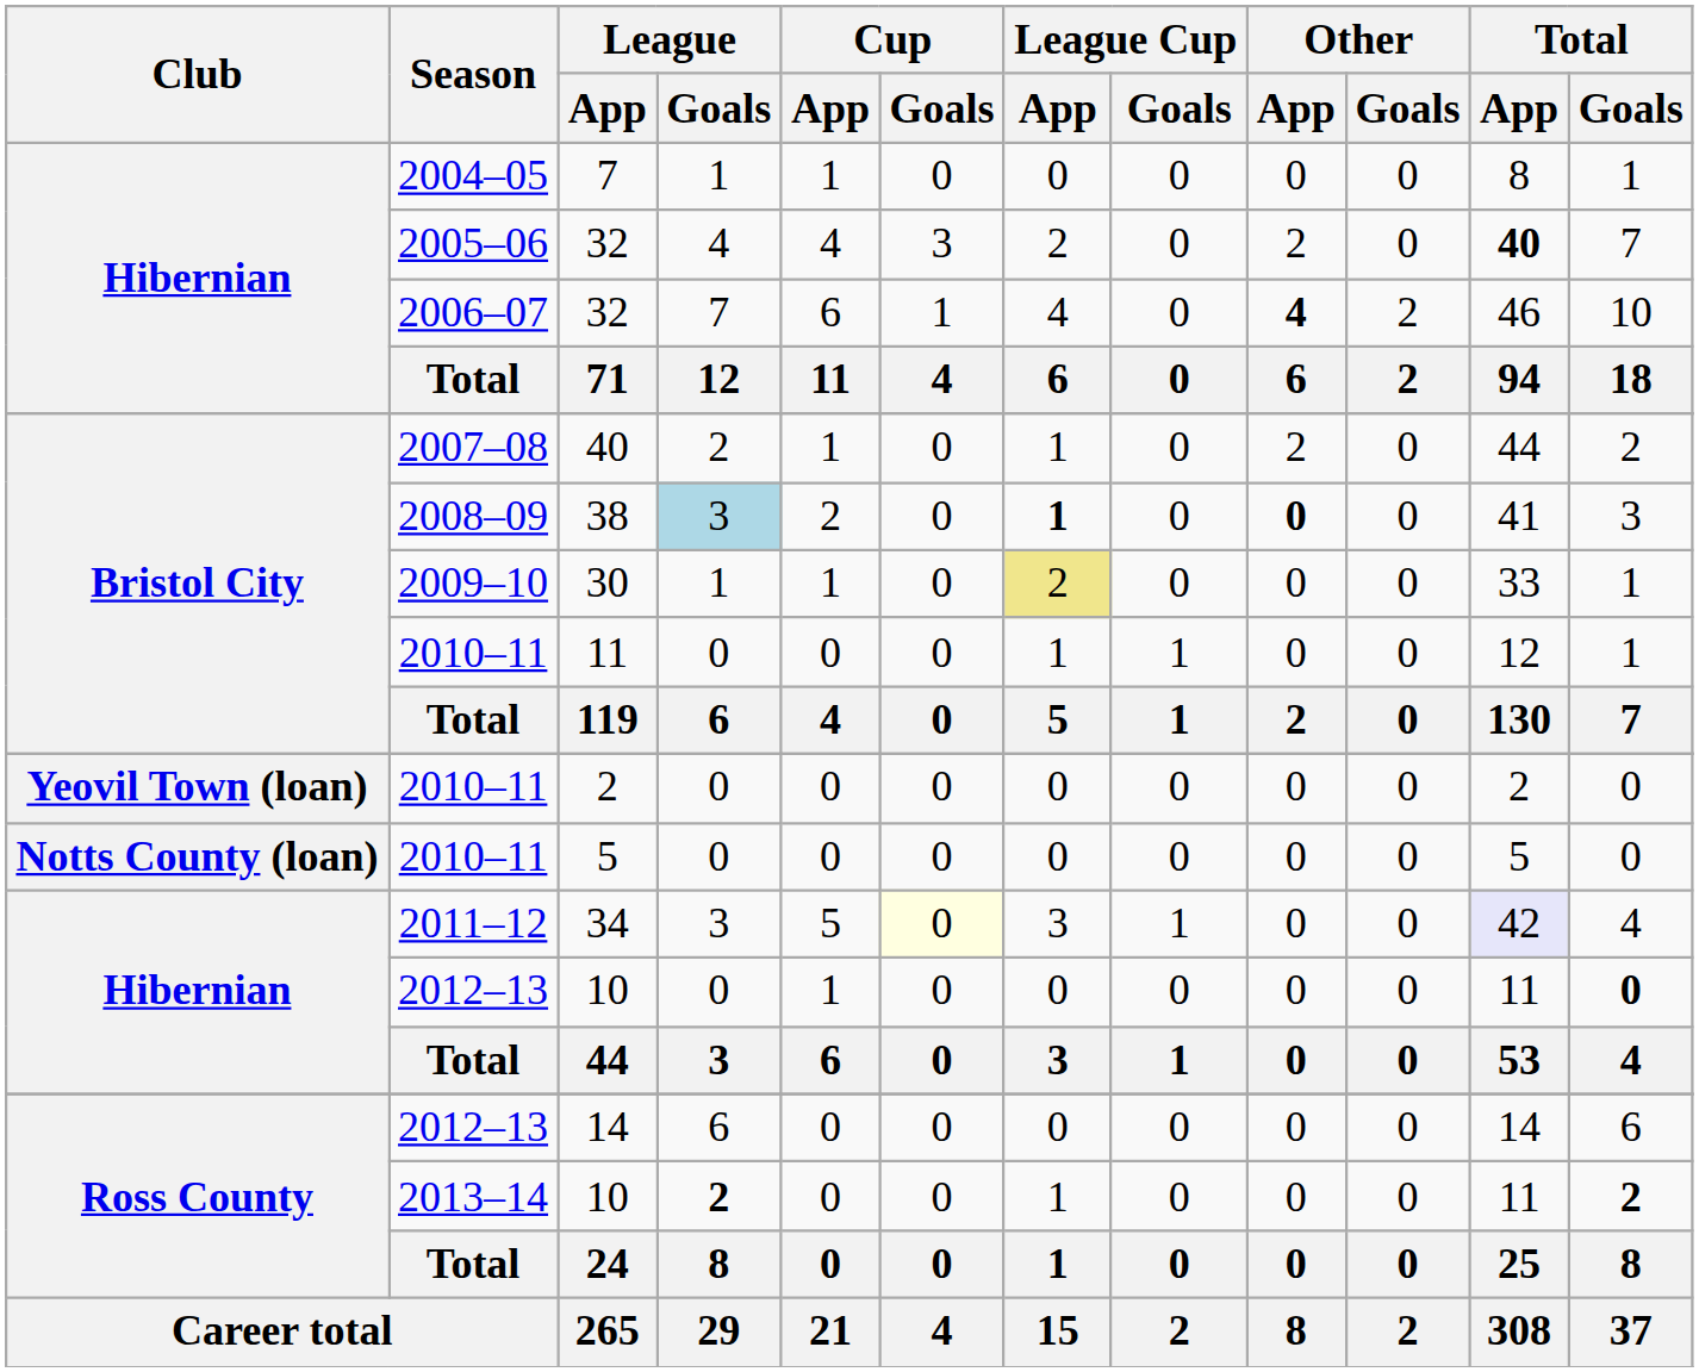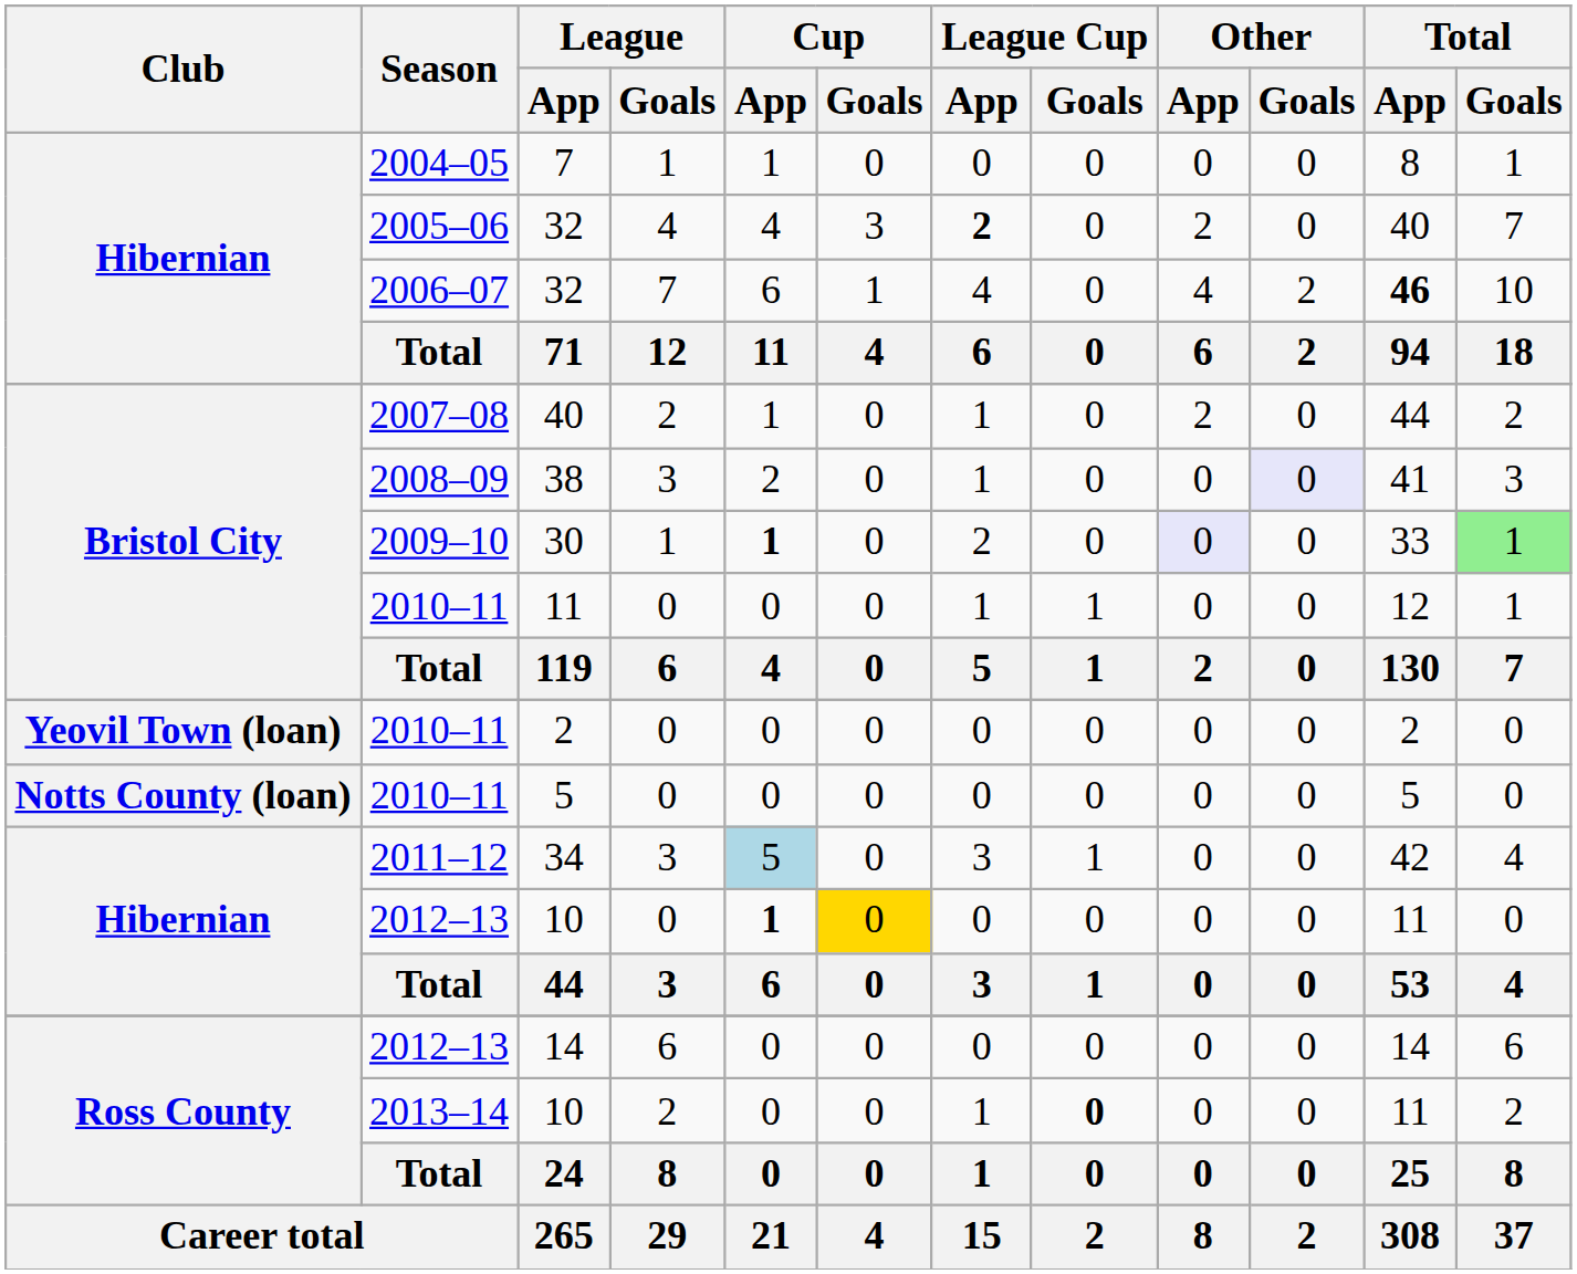 <table class="wikitable" style="font-size:100%; text-align:center">
 <tr>
 <th rowspan="2">Club</th>
 <th rowspan="2">Season</th>
 <th colspan="2">League</th>
 <th colspan="2">Cup</th>
 <th colspan="2">League Cup</th>
 <th colspan="2">Other</th>
 <th colspan="2">Total</th>
 </tr>
 <tr>
 <th>App</th>
 <th>Goals</th>
 <th>App</th>
 <th>Goals</th>
 <th>App</th>
 <th>Goals</th>
 <th>App</th>
 <th>Goals</th>
 <th>App</th>
 <th>Goals</th>
 </tr>
 <tr>
 <th rowspan="4" valign=centre><a href='#'>Hibernian</a></th>
 <td><a href='#'>2004–05</a></td>
 <td>7</td>
 <td>1</td>
 <td>1</td>
 <td>0</td>
 <td>0</td>
 <td>0</td>
 <td>0</td>
 <td>0</td>
 <td>8</td>
 <td>1</td>
 </tr>
 <tr>
 <td><a href='#'>2005–06</a></td>
 <td>32</td>
 <td>4</td>
 <td>4</td>
 <td>3</td>
-<td>2</td>
+<td><strong>2</strong></td>
 <td>0</td>
 <td>2</td>
 <td>0</td>
-<td><strong>40</strong></td>
+<td>40</td>
 <td>7</td>
 </tr>
 <tr>
 <td><a href='#'>2006–07</a></td>
 <td>32</td>
 <td>7</td>
 <td>6</td>
 <td>1</td>
 <td>4</td>
 <td>0</td>
-<td><strong>4</strong></td>
+<td>4</td>
 <td>2</td>
-<td>46</td>
+<td><strong>46</strong></td>
 <td>10</td>
 </tr>
 <tr>
 <th>Total</th>
 <th>71</th>
 <th>12</th>
 <th>11</th>
 <th>4</th>
 <th>6</th>
 <th>0</th>
 <th>6</th>
 <th>2</th>
 <th>94</th>
 <th>18</th>
 </tr>
 <tr>
 </tr>
 <tr>
 <th rowspan="5" valign=centre><a href='#'>Bristol City</a></th>
 <td><a href='#'>2007–08</a></td>
 <td>40</td>
 <td>2</td>
 <td>1</td>
 <td>0</td>
 <td>1</td>
 <td>0</td>
 <td>2</td>
 <td>0</td>
 <td>44</td>
 <td>2</td>
 </tr>
 <tr>
 <td><a href='#'>2008–09</a></td>
 <td>38</td>
-<td style="background: lightblue;">3</td>
+<td>3</td>
 <td>2</td>
 <td>0</td>
-<td><strong>1</strong></td>
+<td>1</td>
 <td>0</td>
-<td><strong>0</strong></td>
 <td>0</td>
+<td style="background: lavender;">0</td>
 <td>41</td>
 <td>3</td>
 </tr>
 <tr>
 <td><a href='#'>2009–10</a></td>
 <td>30</td>
 <td>1</td>
-<td>1</td>
+<td><strong>1</strong></td>
 <td>0</td>
-<td style="background: khaki;">2</td>
+<td>2</td>
 <td>0</td>
-<td>0</td>
+<td style="background: lavender;">0</td>
 <td>0</td>
 <td>33</td>
-<td>1</td>
+<td style="background: lightgreen;">1</td>
 </tr>
 <tr>
 <td><a href='#'>2010–11</a></td>
 <td>11</td>
 <td>0</td>
 <td>0</td>
 <td>0</td>
 <td>1</td>
 <td>1</td>
 <td>0</td>
 <td>0</td>
 <td>12</td>
 <td>1</td>
 </tr>
 <tr>
 <th>Total</th>
 <th>119</th>
 <th>6</th>
 <th>4</th>
 <th>0</th>
 <th>5</th>
 <th>1</th>
 <th>2</th>
 <th>0</th>
 <th>130</th>
 <th>7</th>
 </tr>
 <tr>
 </tr>
 <tr>
 <th valign=centre><a href='#'>Yeovil Town</a> (loan)</th>
 <td><a href='#'>2010–11</a></td>
 <td>2</td>
 <td>0</td>
 <td>0</td>
 <td>0</td>
 <td>0</td>
 <td>0</td>
 <td>0</td>
 <td>0</td>
 <td>2</td>
 <td>0</td>
 </tr>
 <tr>
 <th valign=centre><a href='#'>Notts County</a> (loan)</th>
 <td><a href='#'>2010–11</a></td>
 <td>5</td>
 <td>0</td>
 <td>0</td>
 <td>0</td>
 <td>0</td>
 <td>0</td>
 <td>0</td>
 <td>0</td>
 <td>5</td>
 <td>0</td>
 </tr>
 <tr>
 <th rowspan="3" valign=centre><a href='#'>Hibernian</a></th>
 <td><a href='#'>2011–12</a></td>
 <td>34</td>
 <td>3</td>
-<td>5</td>
-<td style="background: lightyellow;">0</td>
+<td style="background: lightblue;">5</td>
+<td>0</td>
 <td>3</td>
 <td>1</td>
 <td>0</td>
 <td>0</td>
-<td style="background: lavender;">42</td>
+<td>42</td>
 <td>4</td>
 </tr>
 <tr>
 <td><a href='#'>2012–13</a></td>
 <td>10</td>
 <td>0</td>
-<td>1</td>
-<td>0</td>
+<td><strong>1</strong></td>
+<td style="background: gold;">0</td>
 <td>0</td>
 <td>0</td>
 <td>0</td>
 <td>0</td>
 <td>11</td>
-<td><strong>0</strong></td>
+<td>0</td>
 </tr>
 <tr>
 <th>Total</th>
 <th>44</th>
 <th>3</th>
 <th>6</th>
 <th>0</th>
 <th>3</th>
 <th>1</th>
 <th>0</th>
 <th>0</th>
 <th>53</th>
 <th>4</th>
 </tr>
 <tr>
 </tr>
 <tr>
 <th rowspan="3" valign=centre><a href='#'>Ross County</a></th>
 <td><a href='#'>2012–13</a></td>
 <td>14</td>
 <td>6</td>
 <td>0</td>
 <td>0</td>
 <td>0</td>
 <td>0</td>
 <td>0</td>
 <td>0</td>
 <td>14</td>
 <td>6</td>
 </tr>
 <tr>
 <td><a href='#'>2013–14</a></td>
 <td>10</td>
-<td><strong>2</strong></td>
+<td>2</td>
 <td>0</td>
 <td>0</td>
 <td>1</td>
-<td>0</td>
+<td><strong>0</strong></td>
 <td>0</td>
 <td>0</td>
 <td>11</td>
-<td><strong>2</strong></td>
+<td>2</td>
 </tr>
 <tr>
 <th>Total</th>
 <th>24</th>
 <th>8</th>
 <th>0</th>
 <th>0</th>
 <th>1</th>
 <th>0</th>
 <th>0</th>
 <th>0</th>
 <th>25</th>
 <th>8</th>
 </tr>
 <tr>
 <th colspan="2">Career total</th>
 <th>265</th>
 <th>29</th>
 <th>21</th>
 <th>4</th>
 <th>15</th>
 <th>2</th>
 <th>8</th>
 <th>2</th>
 <th>308</th>
 <th>37</th>
 </tr>
 <tr>
 </tr>
 </table>
